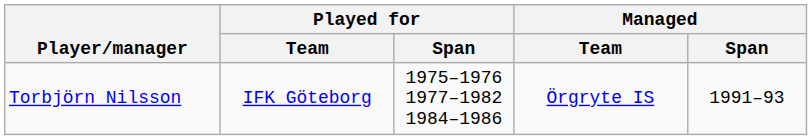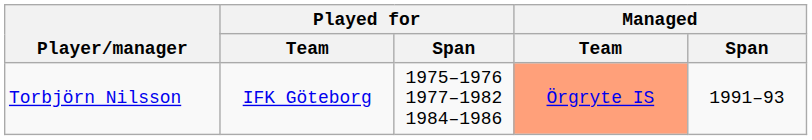 <table class="wikitable" style="text-align: center">
 <tr>
 <th rowspan="2" valign="bottom" width="150">Player/manager</th>
 <th colspan="2">Played for</th>
 <th colspan="2">Managed</th>
 </tr>
 <tr>
 <th width="120">Team</th>
 <th width="80">Span</th>
 <th width="120">Team</th>
 <th width="80">Span</th>
 </tr>
 <tr>
 <td align="left"><a href='#'>Torbjörn Nilsson</a></td>
 <td><a href='#'>IFK Göteborg</a></td>
 <td>1975–1976<br>1977–1982<br>1984–1986</td>
-<td><a href='#'>Örgryte IS</a></td>
+<td style="background: lightsalmon;"><a href='#'>Örgryte IS</a></td>
 <td>1991–93</td>
 </tr>
 </table>
